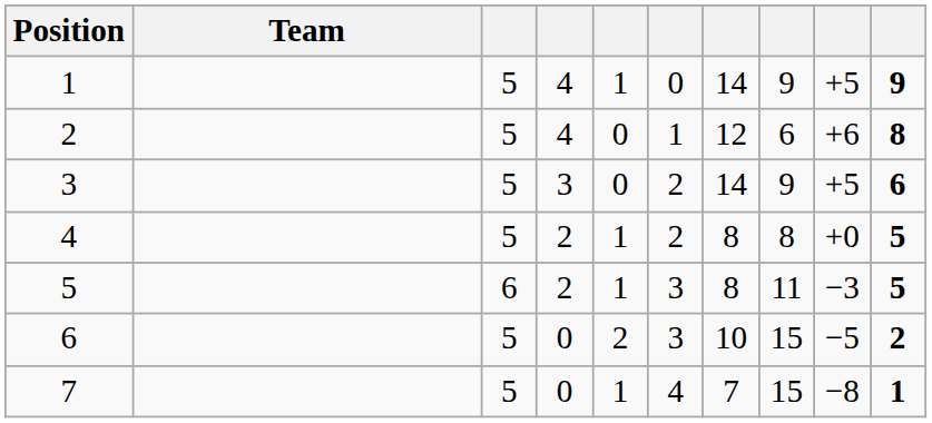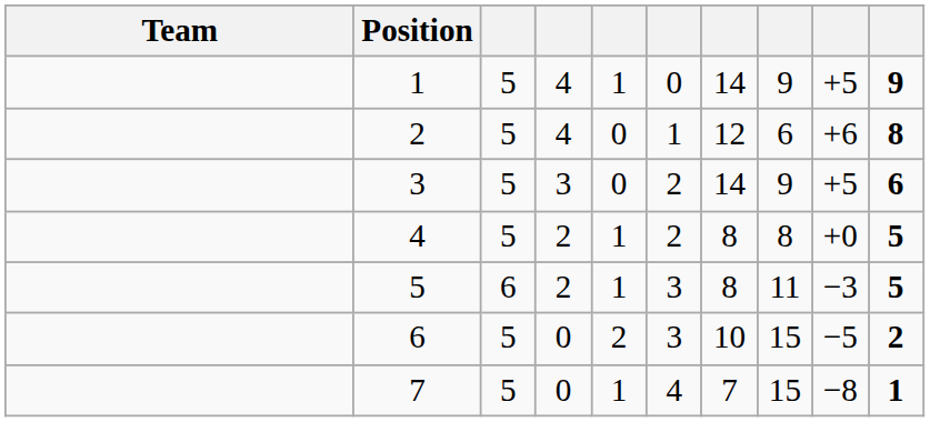 <table class=wikitable style="text-align:center">
 <tr>
+<th width=165>Team</th>
 <th>Position</th>
-<th width=165>Team</th>
 <th width=20></th>
 <th width=20></th>
 <th width=20></th>
 <th width=20></th>
 <th width=20></th>
 <th width=20></th>
 <th width=20></th>
 <th width=20></th>
 </tr>
 <tr>
+<td align=left></td>
 <td>1</td>
-<td align=left></td>
 <td>5</td>
 <td>4</td>
 <td>1</td>
 <td>0</td>
 <td>14</td>
 <td>9</td>
 <td>+5</td>
 <td><strong>9</strong></td>
 </tr>
 <tr align=center>
+<td align=left></td>
 <td>2</td>
-<td align=left></td>
 <td>5</td>
 <td>4</td>
 <td>0</td>
 <td>1</td>
 <td>12</td>
 <td>6</td>
 <td>+6</td>
 <td><strong>8</strong></td>
 </tr>
 <tr align=center>
+<td align=left></td>
 <td>3</td>
-<td align=left></td>
 <td>5</td>
 <td>3</td>
 <td>0</td>
 <td>2</td>
 <td>14</td>
 <td>9</td>
 <td>+5</td>
 <td><strong>6</strong></td>
 </tr>
 <tr align=center>
+<td align=left></td>
 <td>4</td>
-<td align=left></td>
 <td>5</td>
 <td>2</td>
 <td>1</td>
 <td>2</td>
 <td>8</td>
 <td>8</td>
 <td>+0</td>
 <td><strong>5</strong></td>
 </tr>
 <tr align=center>
+<td align=left></td>
 <td>5</td>
-<td align=left></td>
 <td>6</td>
 <td>2</td>
 <td>1</td>
 <td>3</td>
 <td>8</td>
 <td>11</td>
 <td>−3</td>
 <td><strong>5</strong></td>
 </tr>
 <tr align=center>
+<td align=left></td>
 <td>6</td>
-<td align=left></td>
 <td>5</td>
 <td>0</td>
 <td>2</td>
 <td>3</td>
 <td>10</td>
 <td>15</td>
 <td>−5</td>
 <td><strong>2</strong></td>
 </tr>
 <tr align=center>
+<td align=left></td>
 <td>7</td>
-<td align=left></td>
 <td>5</td>
 <td>0</td>
 <td>1</td>
 <td>4</td>
 <td>7</td>
 <td>15</td>
 <td>−8</td>
 <td><strong>1</strong></td>
 </tr>
 </table>
